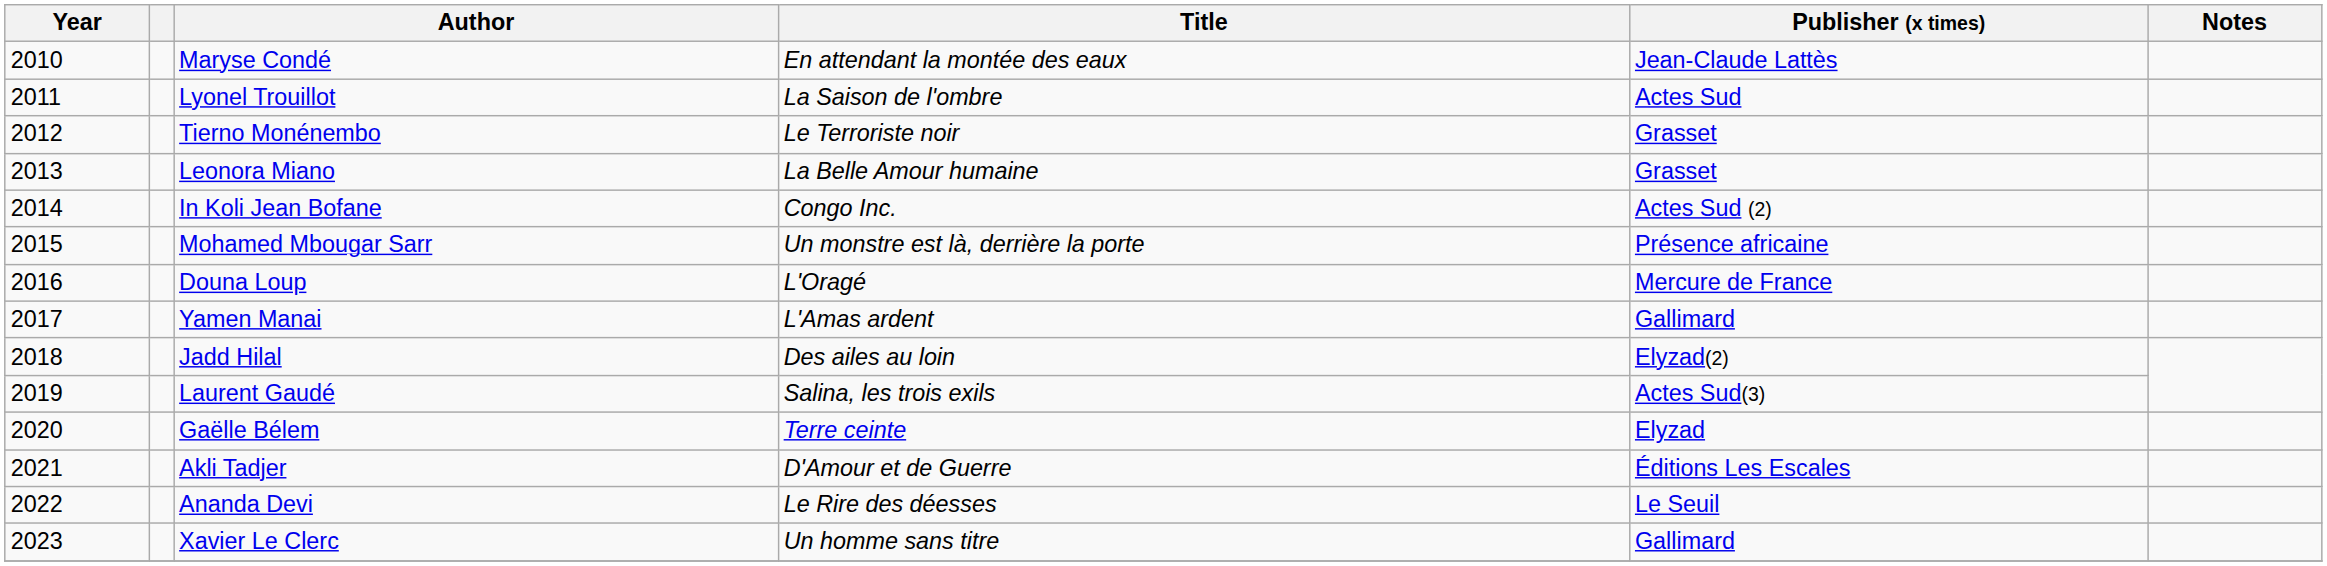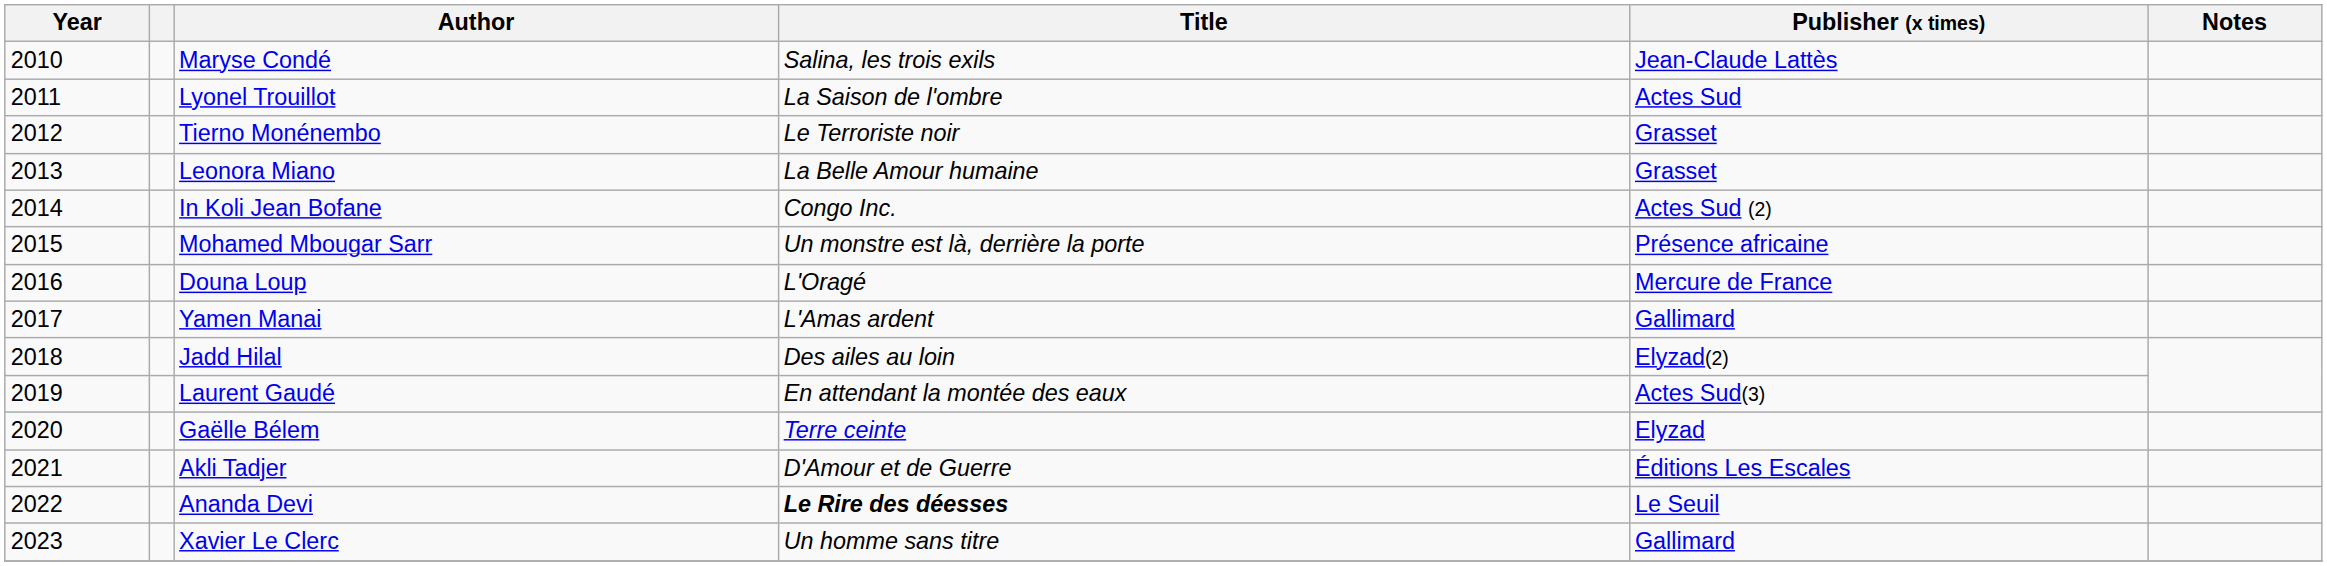 <table width="80%" class="wikitable sortable" align="center" style="margin:1em auto;">
 <tr>
 <th>Year</th>
 <th></th>
 <th>Author</th>
 <th>Title</th>
 <th>Publisher <small>(x times)</small></th>
 <th>Notes</th>
 </tr>
 <tr>
 <td>2010</td>
 <td></td>
 <td><a href='#'>Maryse Condé</a></td>
-<td><em>En attendant la montée des eaux</em></td>
+<td><em>Salina, les trois exils</em></td>
 <td><a href='#'>Jean-Claude Lattès</a></td>
 <td></td>
 </tr>
 <tr>
 <td>2011</td>
 <td></td>
 <td><a href='#'>Lyonel Trouillot</a></td>
 <td><em>La Saison de l'ombre</em></td>
 <td><a href='#'>Actes Sud</a></td>
 <td></td>
 </tr>
 <tr>
 <td>2012</td>
 <td></td>
 <td><a href='#'>Tierno Monénembo</a></td>
 <td><em>Le Terroriste noir</em></td>
 <td><a href='#'>Grasset</a></td>
 <td></td>
 </tr>
 <tr>
 <td>2013</td>
 <td></td>
 <td><a href='#'>Leonora Miano</a></td>
 <td><em>La Belle Amour humaine</em></td>
 <td><a href='#'>Grasset</a></td>
 <td></td>
 </tr>
 <tr>
 <td>2014</td>
 <td></td>
 <td><a href='#'>In Koli Jean Bofane</a></td>
 <td><em>Congo Inc.</em></td>
 <td><a href='#'>Actes Sud</a> <small>(2)</small></td>
 </tr>
 <tr>
 <td>2015</td>
 <td></td>
 <td><a href='#'>Mohamed Mbougar Sarr</a></td>
 <td><em>Un monstre est là, derrière la porte</em></td>
 <td><a href='#'>Présence africaine</a></td>
 <td></td>
 </tr>
 <tr>
 <td>2016</td>
 <td></td>
 <td><a href='#'>Douna Loup</a></td>
 <td><em>L'Oragé</em></td>
 <td><a href='#'>Mercure de France</a></td>
 <td></td>
 </tr>
 <tr>
 <td>2017</td>
 <td></td>
 <td><a href='#'>Yamen Manai</a></td>
 <td><em>L'Amas ardent</em></td>
 <td><a href='#'>Gallimard</a></td>
 <td></td>
 </tr>
 <tr>
 <td>2018</td>
 <td></td>
 <td><a href='#'>Jadd Hilal</a></td>
 <td><em>Des ailes au loin</em></td>
 <td><a href='#'>Elyzad</a><small>(2)</small></td>
 </tr>
 <tr>
 <td>2019</td>
 <td></td>
 <td><a href='#'>Laurent Gaudé</a></td>
-<td><em>Salina, les trois exils</em></td>
+<td><em>En attendant la montée des eaux</em></td>
 <td><a href='#'>Actes Sud</a><small>(3)</small></td>
 </tr>
 <tr>
 <td>2020</td>
 <td></td>
 <td><a href='#'>Gaëlle Bélem</a></td>
 <td><em><a href='#'>Terre ceinte</a></em></td>
 <td><a href='#'>Elyzad</a></td>
 <td></td>
 </tr>
 <tr>
 <td>2021</td>
 <td></td>
 <td><a href='#'>Akli Tadjer</a></td>
 <td><em>D'Amour et de Guerre</em></td>
 <td><a href='#'>Éditions Les Escales</a></td>
 <td></td>
 </tr>
 <tr>
 <td>2022</td>
 <td></td>
 <td><a href='#'>Ananda Devi</a></td>
-<td><em>Le Rire des déesses</em></td>
+<td><strong><em>Le Rire des déesses</em></strong></td>
 <td><a href='#'>Le Seuil</a></td>
 <td></td>
 </tr>
 <tr>
 <td>2023</td>
 <td></td>
 <td><a href='#'>Xavier Le Clerc</a></td>
 <td><em>Un homme sans titre</em></td>
 <td><a href='#'>Gallimard</a></td>
 <td></td>
 </tr>
 <tr>
 </tr>
 </table>
